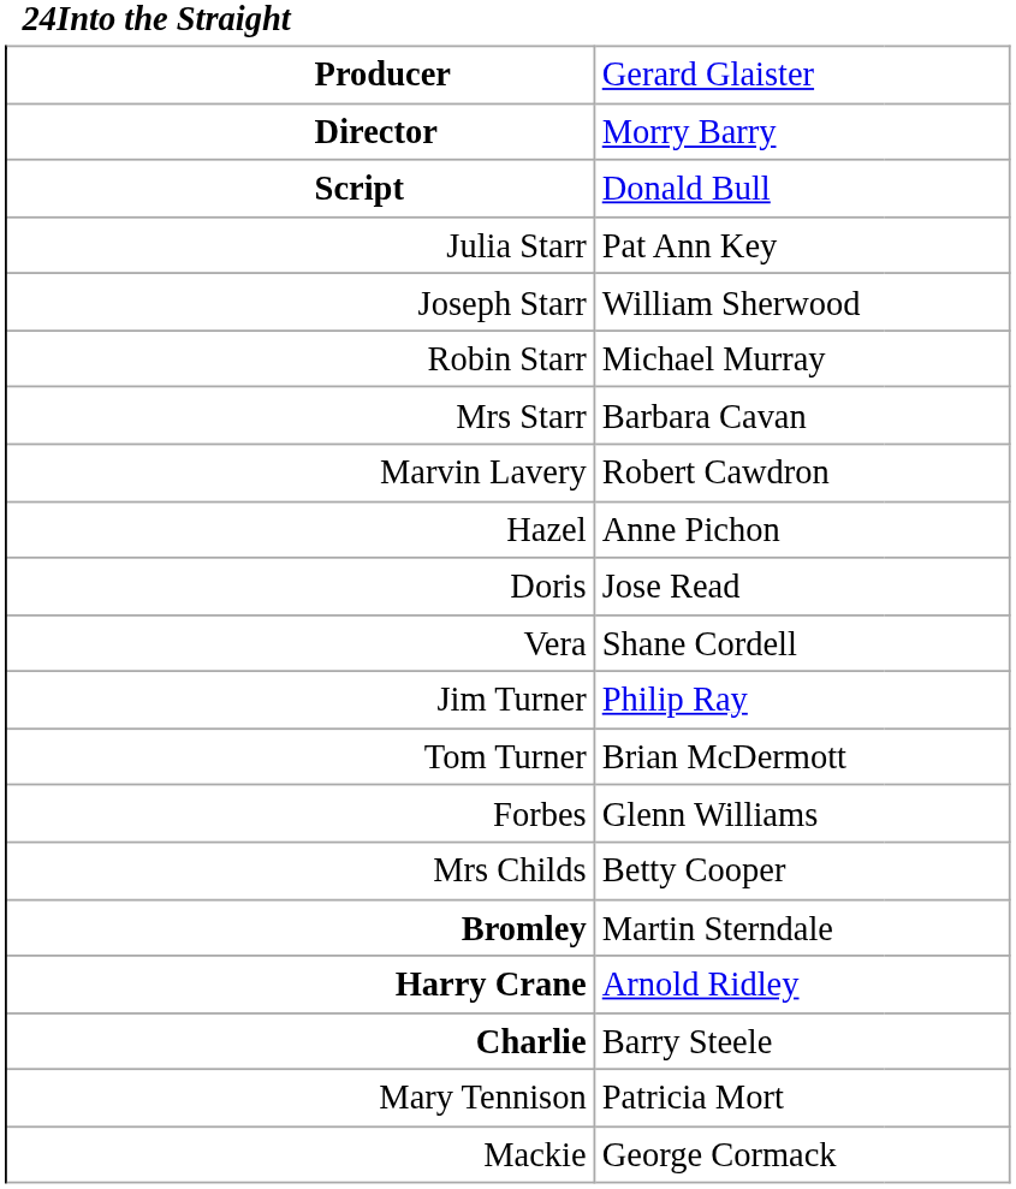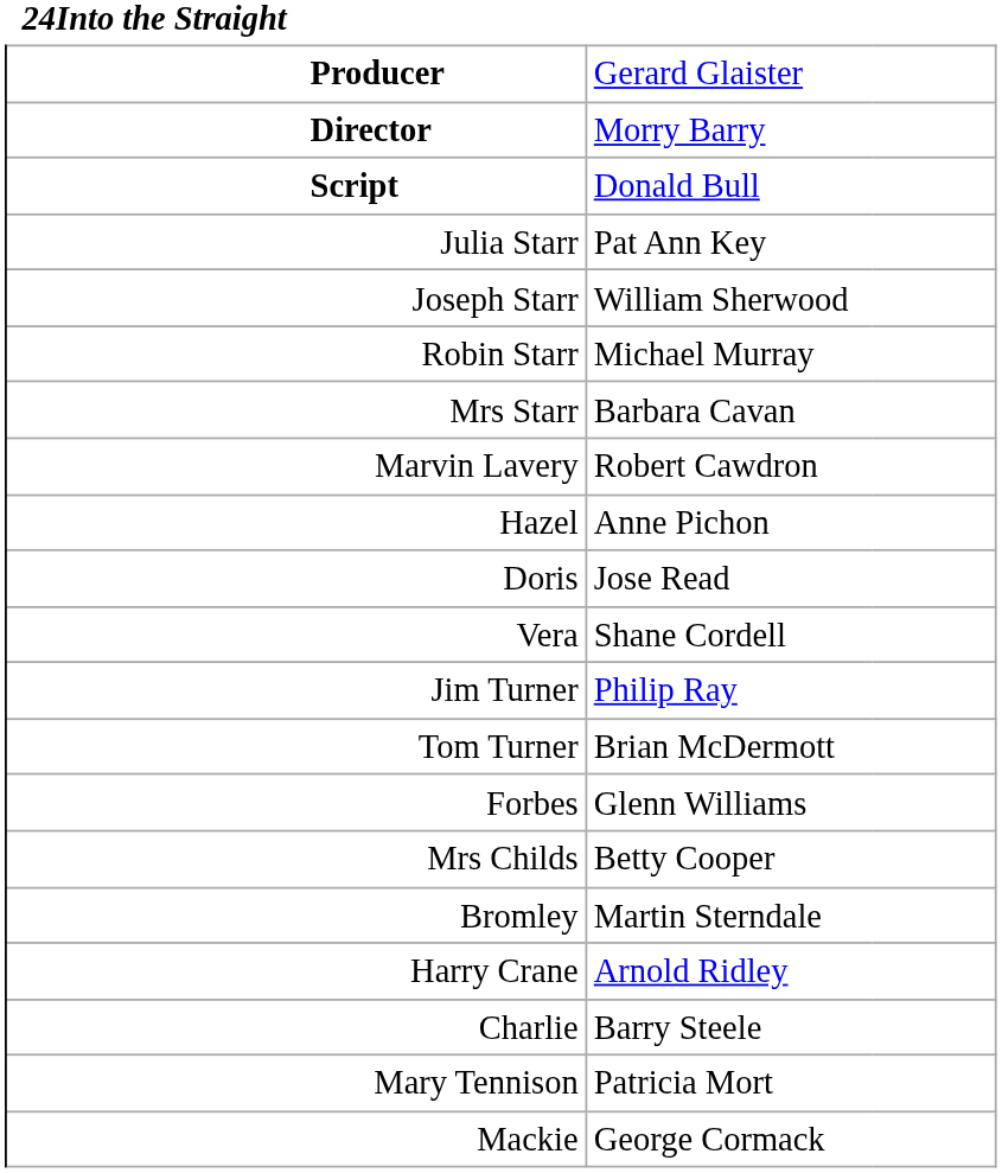 <table class="wikitable mw-collapsible mw-collapsed" style="vertical-align:top;margin:auto 2em;line-height:1.2;min-width:33em;display: inline-table;background-color:inherit;border:none;">
 <tr>
 <td class=unsortable style="border:hidden;line-height:1.67;text-align:center;margin-left:-1em;padding-left:0.5em;min-width:1.0em;"></td>
 <td class=unsortable style="border:none;padding-left:0.5em;text-align:left;min-width:16.5em;font-weight:700;font-style:italic;">24Into the Straight</td>
 <td class=unsortable style="border:none;text-align:right;font-weight:normal;font-family:Courier;font-size:95%;letter-spacing:-1pt;min-width:8.5em;padding-right:0.2em;"></td>
 <td class=unsortable style="border:hidden;min-width:3.5em;padding-left:0;"></td>
 <td class=unsortable style="border:hidden;min-width:3.5em;font-size:95%;"></td>
 </tr>
 <tr>
 <td rowspan=100 style="border:none thin;border-right-style :solid;"></td>
 </tr>
 <tr>
 <td style="text-align:left;padding-left:9.0em;font-weight:bold;">Producer</td>
 <td colspan=2><a href='#'>Gerard Glaister</a></td>
 </tr>
 <tr>
 <td style="text-align:left;padding-left:9.0em;font-weight:bold;">Director</td>
 <td colspan=2><a href='#'>Morry Barry</a></td>
 </tr>
 <tr>
 <td style="text-align:left;padding-left:9.0em;font-weight:bold;">Script</td>
 <td colspan=2><a href='#'>Donald Bull</a></td>
 </tr>
 <tr>
 <td style="text-align:right;">Julia Starr</td>
 <td colspan=2>Pat Ann Key</td>
 </tr>
 <tr>
 <td style="text-align:right;">Joseph Starr</td>
 <td colspan=2>William Sherwood</td>
 </tr>
 <tr>
 <td style="text-align:right;">Robin Starr</td>
 <td colspan=2>Michael Murray</td>
 </tr>
 <tr>
 <td style="text-align:right;">Mrs Starr</td>
 <td colspan=2>Barbara Cavan</td>
 </tr>
 <tr>
 <td style="text-align:right;">Marvin Lavery</td>
 <td colspan=2>Robert Cawdron</td>
 </tr>
 <tr>
 <td style="text-align:right;">Hazel</td>
 <td colspan=2>Anne Pichon</td>
 </tr>
 <tr>
 <td style="text-align:right;">Doris</td>
 <td colspan=2>Jose Read</td>
 </tr>
 <tr>
 <td style="text-align:right;">Vera</td>
 <td colspan=2>Shane Cordell</td>
 </tr>
 <tr>
 <td style="text-align:right;">Jim Turner</td>
 <td colspan=2><a href='#'>Philip Ray</a></td>
 </tr>
 <tr>
 <td style="text-align:right;">Tom Turner</td>
 <td colspan=2>Brian McDermott</td>
 </tr>
 <tr>
 <td style="text-align:right;">Forbes</td>
 <td colspan=2>Glenn Williams</td>
 </tr>
 <tr>
 <td style="text-align:right;">Mrs Childs</td>
 <td colspan=2>Betty Cooper</td>
 </tr>
 <tr>
-<td style="text-align:right;"><strong>Bromley</strong></td>
+<td style="text-align:right;">Bromley</td>
 <td colspan=2>Martin Sterndale</td>
 </tr>
 <tr>
-<td style="text-align:right;"><strong>Harry Crane</strong></td>
+<td style="text-align:right;">Harry Crane</td>
 <td colspan=2><a href='#'>Arnold Ridley</a></td>
 </tr>
 <tr>
-<td style="text-align:right;"><strong>Charlie</strong></td>
+<td style="text-align:right;">Charlie</td>
 <td colspan=2>Barry Steele</td>
 </tr>
 <tr>
 <td style="text-align:right;">Mary Tennison</td>
 <td colspan=2>Patricia Mort</td>
 </tr>
 <tr>
 <td style="text-align:right;">Mackie</td>
 <td colspan=2>George Cormack</td>
 </tr>
 </table>
